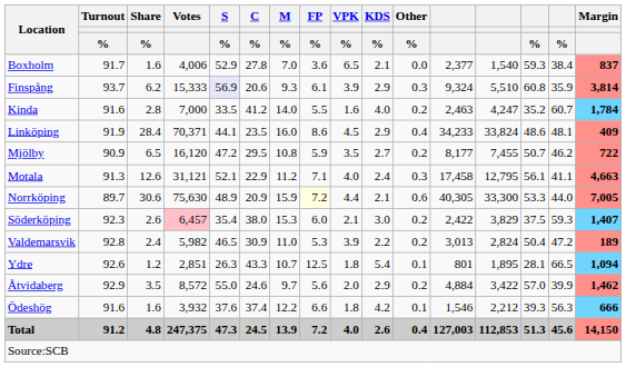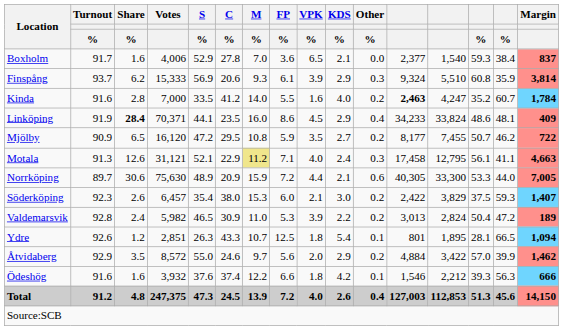 <table class="wikitable sortable" style="text-align:right; font-size:95%; line-height:20px;">
 <tr>
 <th rowspan="3">Location</th>
 <th>Turnout</th>
 <th>Share</th>
 <th>Votes</th>
 <th width="30px" class="unsortable"><a href='#'>S</a></th>
 <th width="30px" class="unsortable"><a href='#'>C</a></th>
 <th width="30px" class="unsortable"><a href='#'>M</a></th>
 <th width="30px" class="unsortable"><a href='#'>FP</a></th>
 <th width="30px" class="unsortable"><a href='#'>VPK</a></th>
 <th width="30px" class="unsortable"><a href='#'>KDS</a></th>
 <th width="30px" class="unsortable">Other</th>
 <th></th>
 <th></th>
 <th></th>
 <th></th>
 <th>Margin</th>
 </tr>
 <tr>
 <th></th>
 <th></th>
 <th></th>
 <th style="background:"></th>
 <th style="background:"></th>
 <th style="background:"></th>
 <th style="background:"></th>
 <th style="background:"></th>
 <th style="background:"></th>
 <th style="background:"></th>
 <th style="background:"></th>
 <th style="background:"></th>
 <th style="background:"></th>
 <th style="background:"></th>
 <th></th>
 </tr>
 <tr>
 <th data-sort-type="number">%</th>
 <th data-sort-type="number">%</th>
 <th></th>
 <th data-sort-type="number">%</th>
 <th data-sort-type="number">%</th>
 <th data-sort-type="number">%</th>
 <th data-sort-type="number">%</th>
 <th data-sort-type="number">%</th>
 <th data-sort-type="number">%</th>
 <th data-sort-type="number">%</th>
 <th data-sort-type="number"></th>
 <th data-sort-type="number"></th>
 <th data-sort-type="number">%</th>
 <th data-sort-type="number">%</th>
 <th data-sort-type="number"></th>
 </tr>
 <tr>
 <td align=left><a href='#'>Boxholm</a></td>
 <td>91.7</td>
 <td>1.6</td>
 <td>4,006</td>
 <td>52.9</td>
 <td>27.8</td>
 <td>7.0</td>
 <td>3.6</td>
 <td>6.5</td>
 <td>2.1</td>
 <td>0.0</td>
 <td>2,377</td>
 <td>1,540</td>
 <td>59.3</td>
 <td>38.4</td>
 <td bgcolor=#ff908c><strong>837</strong></td>
 </tr>
 <tr>
 <td align=left><a href='#'>Finspång</a></td>
 <td>93.7</td>
 <td>6.2</td>
 <td>15,333</td>
-<td style="background: lavender;">56.9</td>
+<td>56.9</td>
 <td>20.6</td>
 <td>9.3</td>
 <td>6.1</td>
 <td>3.9</td>
 <td>2.9</td>
 <td>0.3</td>
 <td>9,324</td>
 <td>5,510</td>
 <td>60.8</td>
 <td>35.9</td>
 <td bgcolor=#ff908c><strong>3,814</strong></td>
 </tr>
 <tr>
 <td align=left><a href='#'>Kinda</a></td>
 <td>91.6</td>
 <td>2.8</td>
 <td>7,000</td>
 <td>33.5</td>
 <td>41.2</td>
 <td>14.0</td>
 <td>5.5</td>
 <td>1.6</td>
 <td>4.0</td>
 <td>0.2</td>
-<td>2,463</td>
+<td><strong>2,463</strong></td>
 <td>4,247</td>
 <td>35.2</td>
 <td>60.7</td>
 <td bgcolor=#6fd5fe><strong>1,784</strong></td>
 </tr>
 <tr>
 <td align=left><a href='#'>Linköping</a></td>
 <td>91.9</td>
-<td>28.4</td>
+<td><strong>28.4</strong></td>
 <td>70,371</td>
 <td>44.1</td>
 <td>23.5</td>
 <td>16.0</td>
 <td>8.6</td>
 <td>4.5</td>
 <td>2.9</td>
 <td>0.4</td>
 <td>34,233</td>
 <td>33,824</td>
 <td>48.6</td>
 <td>48.1</td>
 <td bgcolor=#ff908c><strong>409</strong></td>
 </tr>
 <tr>
 <td align=left><a href='#'>Mjölby</a></td>
 <td>90.9</td>
 <td>6.5</td>
 <td>16,120</td>
 <td>47.2</td>
 <td>29.5</td>
 <td>10.8</td>
 <td>5.9</td>
 <td>3.5</td>
 <td>2.7</td>
 <td>0.2</td>
 <td>8,177</td>
 <td>7,455</td>
 <td>50.7</td>
 <td>46.2</td>
 <td bgcolor=#ff908c><strong>722</strong></td>
 </tr>
 <tr>
 <td align=left><a href='#'>Motala</a></td>
 <td>91.3</td>
 <td>12.6</td>
 <td>31,121</td>
 <td>52.1</td>
 <td>22.9</td>
-<td>11.2</td>
+<td style="background: khaki;">11.2</td>
 <td>7.1</td>
 <td>4.0</td>
 <td>2.4</td>
 <td>0.3</td>
 <td>17,458</td>
 <td>12,795</td>
 <td>56.1</td>
 <td>41.1</td>
 <td bgcolor=#ff908c><strong>4,663</strong></td>
 </tr>
 <tr>
 <td align=left><a href='#'>Norrköping</a></td>
 <td>89.7</td>
 <td>30.6</td>
 <td>75,630</td>
 <td>48.9</td>
 <td>20.9</td>
 <td>15.9</td>
-<td style="background: lightyellow;">7.2</td>
+<td>7.2</td>
 <td>4.4</td>
 <td>2.1</td>
 <td>0.6</td>
 <td>40,305</td>
 <td>33,300</td>
 <td>53.3</td>
 <td>44.0</td>
 <td bgcolor=#ff908c><strong>7,005</strong></td>
 </tr>
 <tr>
 <td align=left><a href='#'>Söderköping</a></td>
 <td>92.3</td>
 <td>2.6</td>
-<td style="background: pink;">6,457</td>
+<td>6,457</td>
 <td>35.4</td>
 <td>38.0</td>
 <td>15.3</td>
 <td>6.0</td>
 <td>2.1</td>
 <td>3.0</td>
 <td>0.2</td>
 <td>2,422</td>
 <td>3,829</td>
 <td>37.5</td>
 <td>59.3</td>
 <td bgcolor=#6fd5fe><strong>1,407</strong></td>
 </tr>
 <tr>
 <td align=left><a href='#'>Valdemarsvik</a></td>
 <td>92.8</td>
 <td>2.4</td>
 <td>5,982</td>
 <td>46.5</td>
 <td>30.9</td>
 <td>11.0</td>
 <td>5.3</td>
 <td>3.9</td>
 <td>2.2</td>
 <td>0.2</td>
 <td>3,013</td>
 <td>2,824</td>
 <td>50.4</td>
 <td>47.2</td>
 <td bgcolor=#ff908c><strong>189</strong></td>
 </tr>
 <tr>
 <td align=left><a href='#'>Ydre</a></td>
 <td>92.6</td>
 <td>1.2</td>
 <td>2,851</td>
 <td>26.3</td>
 <td>43.3</td>
 <td>10.7</td>
 <td>12.5</td>
 <td>1.8</td>
 <td>5.4</td>
 <td>0.1</td>
 <td>801</td>
 <td>1,895</td>
 <td>28.1</td>
 <td>66.5</td>
 <td bgcolor=#6fd5fe><strong>1,094</strong></td>
 </tr>
 <tr>
 <td align=left><a href='#'>Åtvidaberg</a></td>
 <td>92.9</td>
 <td>3.5</td>
 <td>8,572</td>
 <td>55.0</td>
 <td>24.6</td>
 <td>9.7</td>
 <td>5.6</td>
 <td>2.0</td>
 <td>2.9</td>
 <td>0.2</td>
 <td>4,884</td>
 <td>3,422</td>
 <td>57.0</td>
 <td>39.9</td>
 <td bgcolor=#ff908c><strong>1,462</strong></td>
 </tr>
 <tr>
 <td align=left><a href='#'>Ödeshög</a></td>
 <td>91.6</td>
 <td>1.6</td>
 <td>3,932</td>
 <td>37.6</td>
 <td>37.4</td>
 <td>12.2</td>
 <td>6.6</td>
 <td>1.8</td>
 <td>4.2</td>
 <td>0.1</td>
 <td>1,546</td>
 <td>2,212</td>
 <td>39.3</td>
 <td>56.3</td>
 <td bgcolor=#6fd5fe><strong>666</strong></td>
 </tr>
 <tr style="background:#CDCDCD;">
 <td align=left><strong>Total</strong></td>
 <td><strong>91.2</strong></td>
 <td><strong>4.8</strong></td>
 <td><strong>247,375</strong></td>
 <td><strong>47.3</strong></td>
 <td><strong>24.5</strong></td>
 <td><strong>13.9</strong></td>
 <td><strong>7.2</strong></td>
 <td><strong>4.0</strong></td>
 <td><strong>2.6</strong></td>
 <td><strong>0.4</strong></td>
 <td><strong>127,003</strong></td>
 <td><strong>112,853</strong></td>
 <td><strong>51.3</strong></td>
 <td><strong>45.6</strong></td>
 <td bgcolor=#ff908c><strong>14,150</strong></td>
 </tr>
 <tr>
 <td align=left colspan=16>Source:SCB </td>
 </tr>
 </table>
